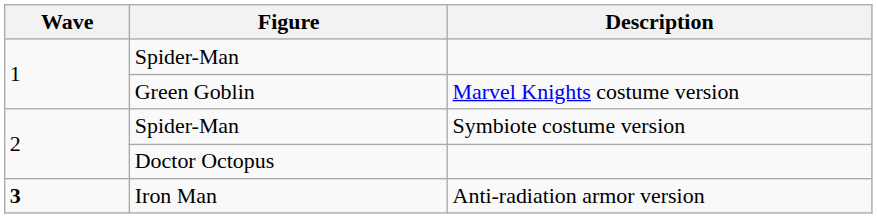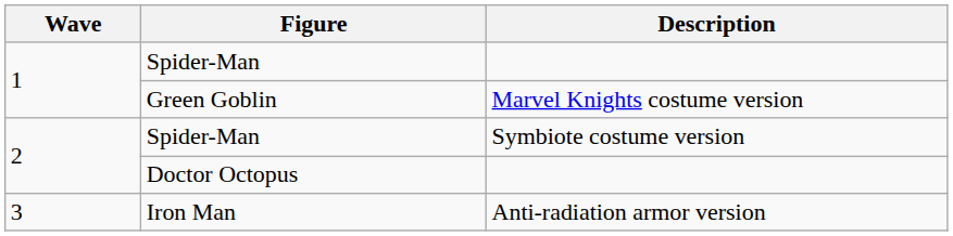 <table class="wikitable" style="width:40%;">
 <tr>
 <th width=5%><strong>Wave</strong></th>
 <th width=15%><strong>Figure</strong></th>
 <th width=20%><strong>Description</strong></th>
 </tr>
 <tr>
 <td rowspan=2>1</td>
 <td>Spider-Man</td>
 <td></td>
 </tr>
 <tr>
 <td>Green Goblin</td>
 <td><a href='#'>Marvel Knights</a> costume version</td>
 </tr>
 <tr>
 <td rowspan=2>2</td>
 <td>Spider-Man</td>
 <td>Symbiote costume version</td>
 </tr>
 <tr>
 <td>Doctor Octopus</td>
 <td></td>
 </tr>
 <tr>
-<td><strong>3</strong></td>
+<td>3</td>
 <td>Iron Man</td>
 <td>Anti-radiation armor version</td>
 </tr>
 </table>
